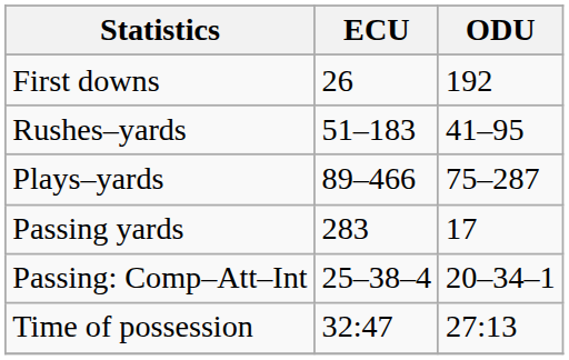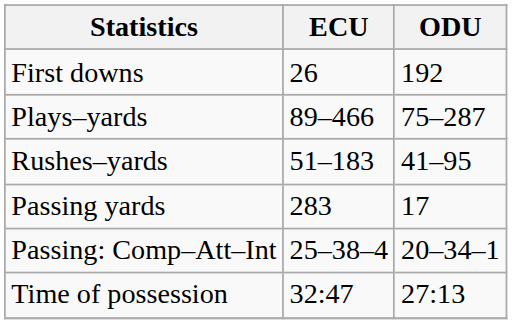 <table class="wikitable" style="float: left;">
 <tr>
 <th>Statistics</th>
 <th>ECU</th>
 <th>ODU</th>
 </tr>
 <tr>
 <td>First downs</td>
 <td>26</td>
 <td>192</td>
 </tr>
 <tr>
+<td>Plays–yards</td>
+<td>89–466</td>
+<td>75–287</td>
+</tr>
+<tr>
 <td>Rushes–yards</td>
 <td>51–183</td>
 <td>41–95</td>
-</tr>
-<tr>
-<td>Plays–yards</td>
-<td>89–466</td>
-<td>75–287</td>
 </tr>
 <tr>
 <td>Passing yards</td>
 <td>283</td>
 <td>17</td>
 </tr>
 <tr>
 <td>Passing: Comp–Att–Int</td>
 <td>25–38–4</td>
 <td>20–34–1</td>
 </tr>
 <tr>
 <td>Time of possession</td>
 <td>32:47</td>
 <td>27:13</td>
 </tr>
 <tr>
 </tr>
 </table>
